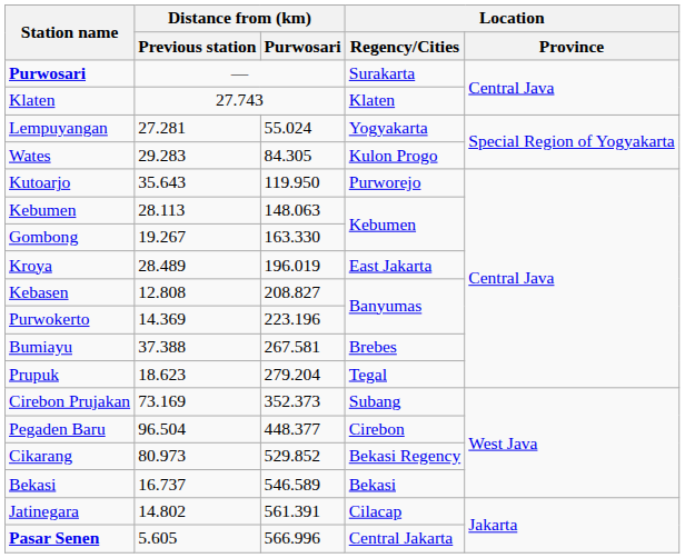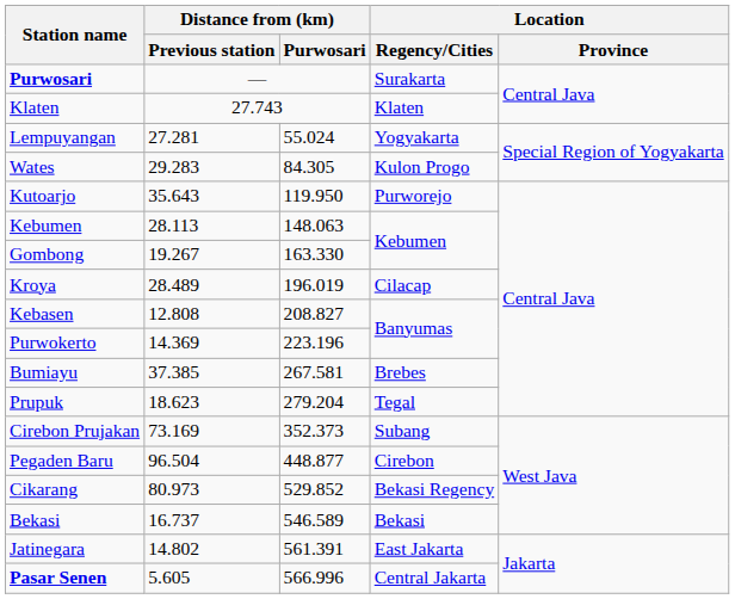 <table class="wikitable" rules="all">
 <tr>
 <th rowspan="2">Station name</th>
 <th colspan="2" style="width: 5em;">Distance from (km)</th>
 <th colspan="2" style="width: 5em;">Location</th>
 </tr>
 <tr>
 <th>Previous station</th>
 <th>Purwosari</th>
 <th>Regency/Cities</th>
 <th>Province</th>
 </tr>
 <tr>
 <td><strong><a href='#'>Purwosari</a></strong><small></small></td>
 <td colspan="2" align="center">—</td>
 <td><a href='#'>Surakarta</a></td>
 <td rowspan="2"><a href='#'>Central Java</a></td>
 </tr>
 <tr>
 <td><a href='#'>Klaten</a></td>
 <td colspan="2" align="center">27.743</td>
 <td><a href='#'>Klaten</a></td>
 </tr>
 <tr>
 <td><a href='#'>Lempuyangan</a></td>
 <td>27.281</td>
 <td>55.024</td>
 <td><a href='#'>Yogyakarta</a></td>
 <td rowspan="2"><a href='#'>Special Region of Yogyakarta</a></td>
 </tr>
 <tr>
 <td><a href='#'>Wates</a></td>
 <td>29.283</td>
 <td>84.305</td>
 <td><a href='#'>Kulon Progo</a></td>
 </tr>
 <tr>
 <td><a href='#'>Kutoarjo</a></td>
 <td>35.643</td>
 <td>119.950</td>
 <td><a href='#'>Purworejo</a></td>
 <td rowspan="8"><a href='#'>Central Java</a></td>
 </tr>
 <tr>
 <td><a href='#'>Kebumen</a></td>
 <td>28.113</td>
 <td>148.063</td>
 <td rowspan="2"><a href='#'>Kebumen</a></td>
 </tr>
 <tr>
 <td><a href='#'>Gombong</a></td>
 <td>19.267</td>
 <td>163.330</td>
 </tr>
 <tr>
 <td><a href='#'>Kroya</a></td>
 <td>28.489</td>
 <td>196.019</td>
-<td><a href='#'>East Jakarta</a></td>
+<td><a href='#'>Cilacap</a></td>
 </tr>
 <tr>
 <td><a href='#'>Kebasen</a></td>
 <td>12.808</td>
 <td>208.827</td>
 <td rowspan="2"><a href='#'>Banyumas</a></td>
 </tr>
 <tr>
 <td><a href='#'>Purwokerto</a></td>
 <td>14.369</td>
 <td>223.196</td>
 </tr>
 <tr>
 <td><a href='#'>Bumiayu</a><small></small></td>
-<td>37.388</td>
+<td>37.385</td>
 <td>267.581</td>
 <td><a href='#'>Brebes</a></td>
 </tr>
 <tr>
 <td><a href='#'>Prupuk</a><small></small></td>
 <td>18.623</td>
 <td>279.204</td>
 <td><a href='#'>Tegal</a></td>
 </tr>
 <tr>
 <td><a href='#'>Cirebon Prujakan</a></td>
 <td>73.169</td>
 <td>352.373</td>
 <td><a href='#'>Subang</a></td>
 <td rowspan="4"><a href='#'>West Java</a></td>
 </tr>
 <tr>
 <td><a href='#'>Pegaden Baru</a></td>
 <td>96.504</td>
-<td>448.377</td>
+<td>448.877</td>
 <td><a href='#'>Cirebon</a></td>
 </tr>
 <tr>
 <td><a href='#'>Cikarang</a></td>
 <td>80.973</td>
 <td>529.852</td>
 <td><a href='#'>Bekasi Regency</a></td>
 </tr>
 <tr>
 <td><a href='#'>Bekasi</a></td>
 <td>16.737</td>
 <td>546.589</td>
 <td><a href='#'>Bekasi</a></td>
 </tr>
 <tr>
 <td><a href='#'>Jatinegara</a><small></small></td>
 <td>14.802</td>
 <td>561.391</td>
-<td><a href='#'>Cilacap</a></td>
+<td><a href='#'>East Jakarta</a></td>
 <td rowspan="2"><a href='#'>Jakarta</a></td>
 </tr>
 <tr>
 <td><strong><a href='#'>Pasar Senen</a></strong><small></small></td>
 <td>5.605</td>
 <td>566.996</td>
 <td><a href='#'>Central Jakarta</a></td>
 </tr>
 </table>
